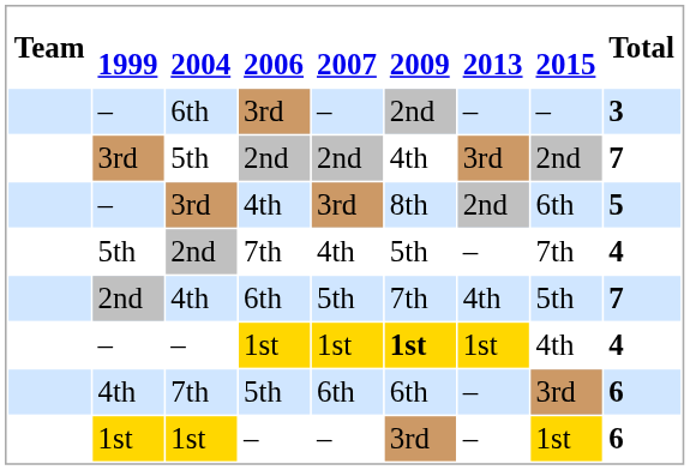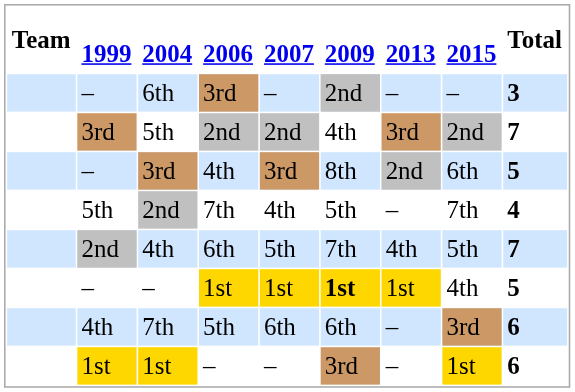 <table border="0" cellspacing="1" cellpadding="3" style="border: 1px solid #aaaaaa;">
 <tr bgcolor=>
 <td><strong>Team</strong></td>
 <td><strong><br><a href='#'>1999</a></strong></td>
 <td><strong><br><a href='#'>2004</a></strong></td>
 <td><strong><br><a href='#'>2006</a></strong></td>
 <td><strong><br><a href='#'>2007</a></strong></td>
 <td><strong><br><a href='#'>2009</a></strong></td>
 <td><strong><br><a href='#'>2013</a></strong></td>
 <td><strong><br><a href='#'>2015</a></strong></td>
 <td><strong>Total</strong></td>
 </tr>
 <tr bgcolor=#D0E6FF>
 <td></td>
 <td>–</td>
 <td>6th</td>
 <td bgcolor=cc9966>3rd</td>
 <td>–</td>
 <td bgcolor=silver>2nd</td>
 <td>–</td>
 <td>–</td>
 <td><strong>3</strong></td>
 </tr>
 <tr bgcolor=#FFFFFF>
 <td></td>
 <td bgcolor=cc9966>3rd</td>
 <td>5th</td>
 <td bgcolor=silver>2nd</td>
 <td bgcolor=silver>2nd</td>
 <td>4th</td>
 <td bgcolor=cc9966>3rd</td>
 <td bgcolor=silver>2nd</td>
 <td><strong>7</strong></td>
 </tr>
 <tr bgcolor=#D0E6FF>
 <td></td>
 <td>–</td>
 <td bgcolor=cc9966>3rd</td>
 <td>4th</td>
 <td bgcolor=cc9966>3rd</td>
 <td>8th</td>
 <td bgcolor=silver>2nd</td>
 <td>6th</td>
 <td><strong>5</strong></td>
 </tr>
 <tr bgcolor=#FFFFFF>
 <td></td>
 <td>5th</td>
 <td bgcolor=silver>2nd</td>
 <td>7th</td>
 <td>4th</td>
 <td>5th</td>
 <td>–</td>
 <td>7th</td>
 <td><strong>4</strong></td>
 </tr>
 <tr bgcolor=#D0E6FF>
 <td></td>
 <td bgcolor=silver>2nd</td>
 <td>4th</td>
 <td>6th</td>
 <td>5th</td>
 <td>7th</td>
 <td>4th</td>
 <td>5th</td>
 <td><strong>7</strong></td>
 </tr>
 <tr bgcolor=#FFFFFF>
 <td></td>
 <td>–</td>
 <td>–</td>
 <td bgcolor=gold>1st</td>
 <td bgcolor=gold>1st</td>
 <td bgcolor=gold><strong>1st</strong></td>
 <td bgcolor=gold>1st</td>
 <td>4th</td>
-<td><strong>4</strong></td>
+<td><strong>5</strong></td>
 </tr>
 <tr bgcolor=#D0E6FF>
 <td></td>
 <td>4th</td>
 <td>7th</td>
 <td>5th</td>
 <td>6th</td>
 <td>6th</td>
 <td>–</td>
 <td bgcolor=cc9966>3rd</td>
 <td><strong>6</strong></td>
 </tr>
 <tr bgcolor=#FFFFFF>
 <td></td>
 <td bgcolor=gold>1st</td>
 <td bgcolor=gold>1st</td>
 <td>–</td>
 <td>–</td>
 <td bgcolor=cc9966>3rd</td>
 <td>–</td>
 <td bgcolor=gold>1st</td>
 <td><strong>6</strong></td>
 </tr>
 </table>
